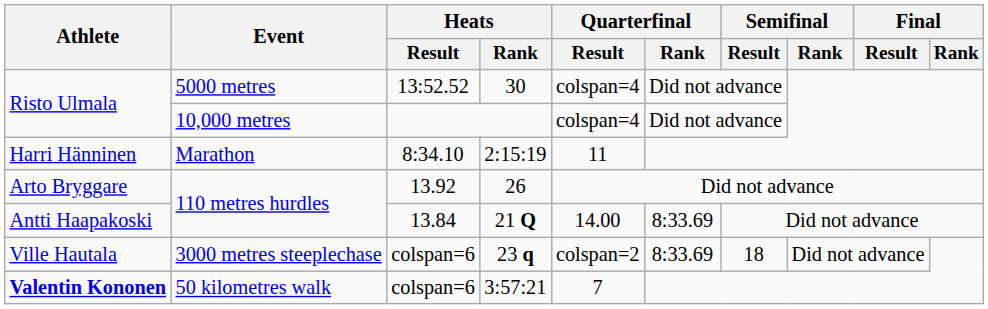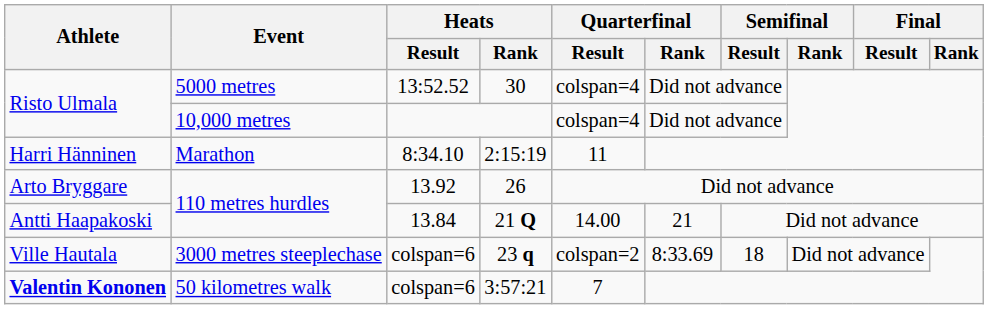 <table class="wikitable" style="font-size:90%">
 <tr>
 <th rowspan="2">Athlete</th>
 <th rowspan="2">Event</th>
 <th colspan="2">Heats</th>
 <th colspan="2">Quarterfinal</th>
 <th colspan="2">Semifinal</th>
 <th colspan="2">Final</th>
 </tr>
 <tr style="font-size:95%">
 <th>Result</th>
 <th>Rank</th>
 <th>Result</th>
 <th>Rank</th>
 <th>Result</th>
 <th>Rank</th>
 <th>Result</th>
 <th>Rank</th>
 </tr>
 <tr align=center>
 <td align=left rowspan=2><a href='#'>Risto Ulmala</a></td>
 <td align=left><a href='#'>5000 metres</a></td>
 <td>13:52.52</td>
 <td>30</td>
 <td>colspan=4</td>
 <td colspan=2>Did not advance</td>
 </tr>
 <tr align=center>
 <td align=left><a href='#'>10,000 metres</a></td>
 <td colspan=2></td>
 <td>colspan=4</td>
 <td colspan=2>Did not advance</td>
 </tr>
 <tr align=center>
 <td align=left><a href='#'>Harri Hänninen</a></td>
 <td align=left><a href='#'>Marathon</a></td>
 <td>8:34.10</td>
 <td>2:15:19</td>
 <td>11</td>
 </tr>
 <tr align=center>
 <td align=left><a href='#'>Arto Bryggare</a></td>
 <td align=left rowspan=2><a href='#'>110 metres hurdles</a></td>
 <td>13.92</td>
 <td>26</td>
 <td colspan=6>Did not advance</td>
 </tr>
 <tr align=center>
 <td align=left><a href='#'>Antti Haapakoski</a></td>
 <td>13.84</td>
 <td>21 <strong>Q</strong></td>
 <td>14.00</td>
-<td>8:33.69</td>
+<td>21</td>
 <td colspan=4>Did not advance</td>
 </tr>
 <tr align=center>
 <td align=left><a href='#'>Ville Hautala</a></td>
 <td align=left><a href='#'>3000 metres steeplechase</a></td>
 <td>colspan=6</td>
 <td>23 <strong>q</strong></td>
 <td>colspan=2</td>
 <td>8:33.69</td>
 <td>18</td>
 <td colspan=2>Did not advance</td>
 </tr>
 <tr align=center>
 <td align=left><strong><a href='#'>Valentin Kononen</a></strong></td>
 <td align=left><a href='#'>50 kilometres walk</a></td>
 <td>colspan=6</td>
 <td>3:57:21</td>
 <td>7</td>
 </tr>
 </table>
